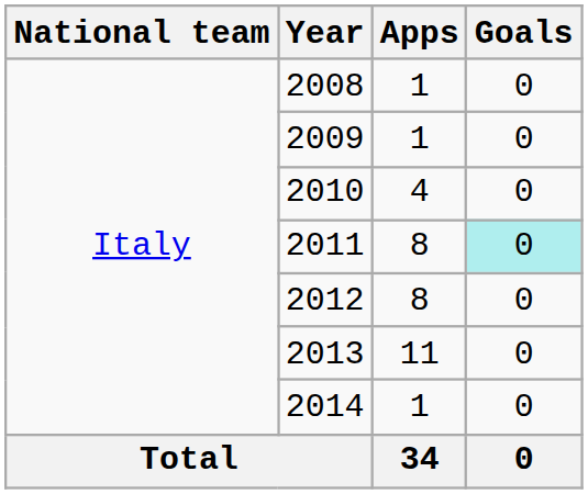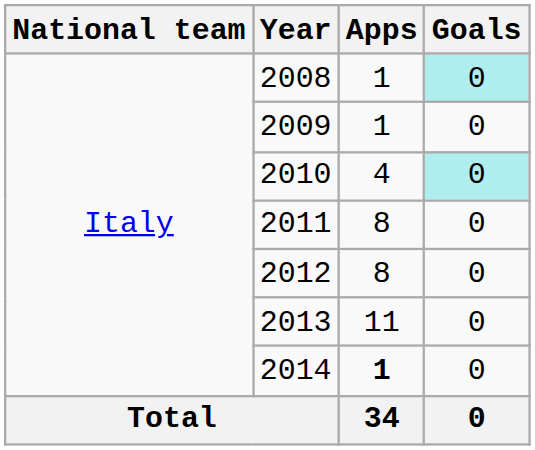 <table class="wikitable" style="text-align:center">
 <tr>
 <th>National team</th>
 <th>Year</th>
 <th>Apps</th>
 <th>Goals</th>
 </tr>
 <tr>
 <td rowspan="7"><a href='#'>Italy</a></td>
 <td>2008</td>
 <td>1</td>
-<td>0</td>
+<td style="background: paleturquoise;">0</td>
 </tr>
 <tr>
 <td>2009</td>
 <td>1</td>
 <td>0</td>
 </tr>
 <tr>
 <td>2010</td>
 <td>4</td>
-<td>0</td>
+<td style="background: paleturquoise;">0</td>
 </tr>
 <tr>
 <td>2011</td>
 <td>8</td>
-<td style="background: paleturquoise;">0</td>
+<td>0</td>
 </tr>
 <tr>
 <td>2012</td>
 <td>8</td>
 <td>0</td>
 </tr>
 <tr>
 <td>2013</td>
 <td>11</td>
 <td>0</td>
 </tr>
 <tr>
 <td>2014</td>
-<td>1</td>
+<td><strong>1</strong></td>
 <td>0</td>
 </tr>
 <tr>
 <th colspan="2">Total</th>
 <th>34</th>
 <th>0</th>
 </tr>
 </table>
